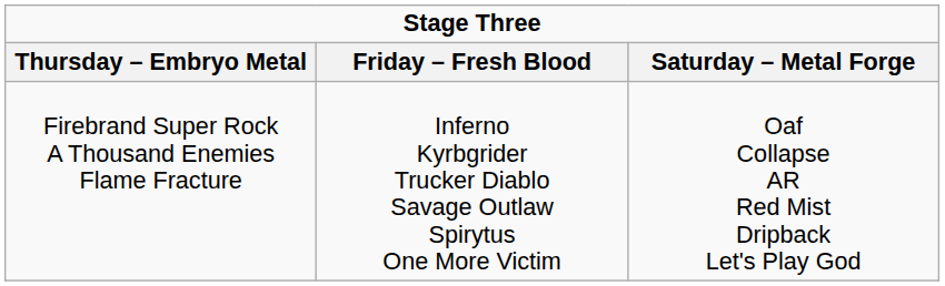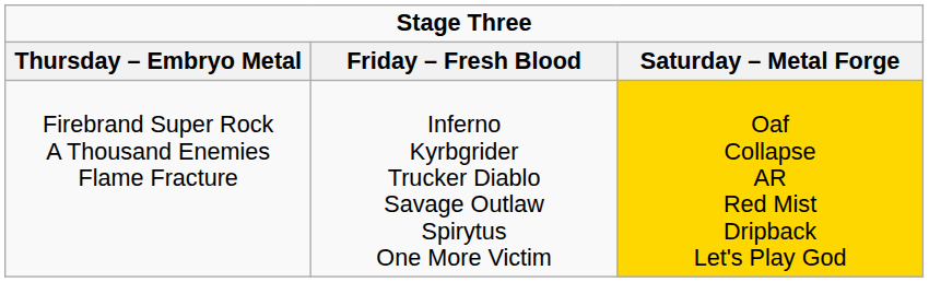 <table class="wikitable">
 <tr>
 <td colspan="3" align="center"><strong>Stage Three</strong></td>
 </tr>
 <tr>
 <th>Thursday – Embryo Metal</th>
 <th>Friday – Fresh Blood</th>
 <th>Saturday – Metal Forge</th>
 </tr>
 <tr>
 <td valign="top" align="center" width=200><br>Firebrand Super Rock<br> A Thousand Enemies<br> Flame Fracture</td>
 <td valign="top" align="center" width=200><br>Inferno<br> Kyrbgrider<br> Trucker Diablo<br> Savage Outlaw<br> Spirytus<br> One More Victim</td>
-<td valign="top" align="center" width=200><br>Oaf<br> Collapse<br> AR<br> Red Mist<br> Dripback<br> Let's Play God</td>
+<td valign="top" align="center" width=200 style="background: gold;"><br>Oaf<br> Collapse<br> AR<br> Red Mist<br> Dripback<br> Let's Play God</td>
 </tr>
 </table>
